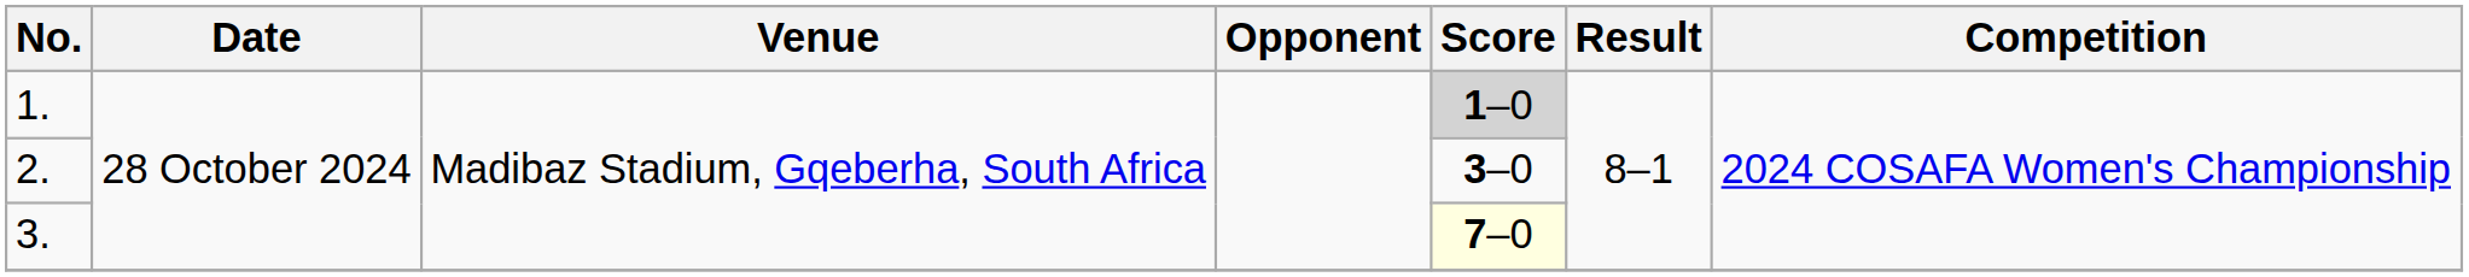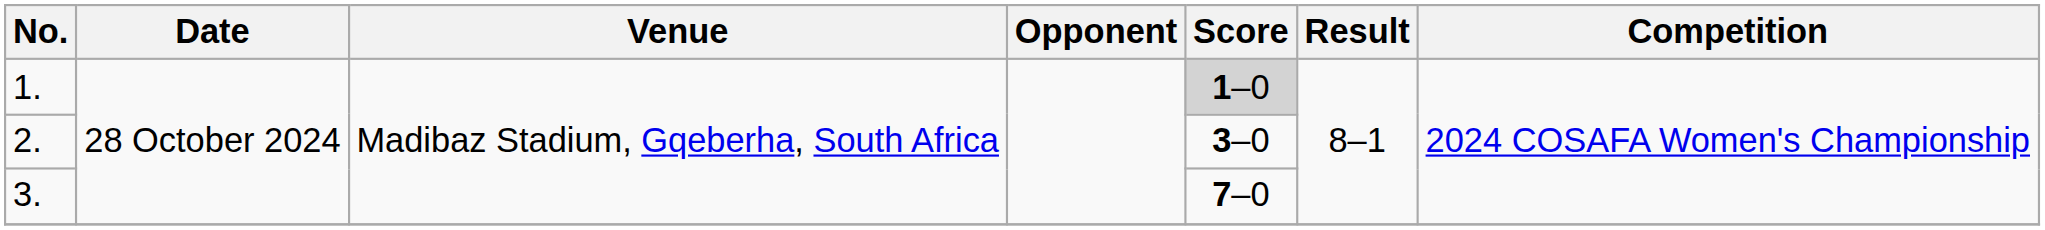 <table class="wikitable">
 <tr>
 <th>No.</th>
 <th>Date</th>
 <th>Venue</th>
 <th>Opponent</th>
 <th>Score</th>
 <th>Result</th>
 <th>Competition</th>
 </tr>
 <tr>
 <td>1.</td>
 <td rowspan="3">28 October 2024</td>
 <td rowspan="3">Madibaz Stadium, <a href='#'>Gqeberha</a>, <a href='#'>South Africa</a></td>
 <td rowspan="3"></td>
 <td align="center" style="background: lightgrey;"><strong>1</strong>–0</td>
 <td rowspan="3" align="center">8–1</td>
 <td rowspan="3"><a href='#'>2024 COSAFA Women's Championship</a></td>
 </tr>
 <tr>
 <td>2.</td>
 <td align="center"><strong>3</strong>–0</td>
 </tr>
 <tr>
 <td>3.</td>
-<td align="center" style="background: lightyellow;"><strong>7</strong>–0</td>
+<td align="center"><strong>7</strong>–0</td>
 </tr>
 <tr>
 </tr>
 </table>
